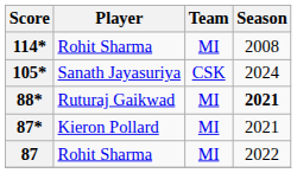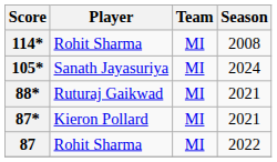 <table class="wikitable" style="text-align:center;">
 <tr>
 <th>Score</th>
 <th>Player</th>
 <th>Team</th>
 <th>Season</th>
 </tr>
 <tr>
 <th>114*</th>
 <td style="text-align:left;"> <a href='#'>Rohit Sharma</a></td>
 <td><a href='#'>MI</a></td>
 <td>2008</td>
 </tr>
 <tr>
 <th>105*</th>
 <td style="text-align:left;"> <a href='#'>Sanath Jayasuriya</a></td>
-<td><a href='#'>CSK</a></td>
+<td><a href='#'>MI</a></td>
 <td>2024</td>
 </tr>
 <tr>
 <th>88*</th>
 <td style="text-align:left;"> <a href='#'>Ruturaj Gaikwad</a></td>
 <td><a href='#'>MI</a></td>
-<td><strong>2021</strong></td>
+<td>2021</td>
 </tr>
 <tr>
 <th>87*</th>
 <td style="text-align:left;"> <a href='#'>Kieron Pollard</a></td>
 <td><a href='#'>MI</a></td>
 <td>2021</td>
 </tr>
 <tr>
 <th>87</th>
 <td style="text-align:left;"> <a href='#'>Rohit Sharma</a></td>
 <td><a href='#'>MI</a></td>
 <td>2022</td>
 </tr>
 <tr>
 </tr>
 </table>
